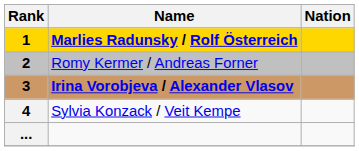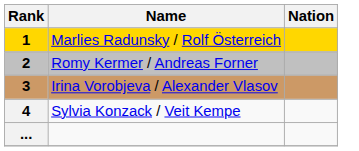 <table class="wikitable">
 <tr>
 <th>Rank</th>
 <th>Name</th>
 <th>Nation</th>
 </tr>
 <tr bgcolor="gold">
 <td align="center"><strong>1</strong></td>
-<td><strong><a href='#'>Marlies Radunsky</a> / <a href='#'>Rolf Österreich</a></strong></td>
+<td><a href='#'>Marlies Radunsky</a> / <a href='#'>Rolf Österreich</a></td>
 <td></td>
 </tr>
 <tr bgcolor="silver">
 <td align="center"><strong>2</strong></td>
 <td><a href='#'>Romy Kermer</a> / <a href='#'>Andreas Forner</a></td>
 <td></td>
 </tr>
 <tr bgcolor="cc9966">
 <td align="center"><strong>3</strong></td>
-<td><strong><a href='#'>Irina Vorobjeva</a> / <a href='#'>Alexander Vlasov</a></strong></td>
+<td><a href='#'>Irina Vorobjeva</a> / <a href='#'>Alexander Vlasov</a></td>
 <td></td>
 </tr>
 <tr>
 <th>4</th>
 <td><a href='#'>Sylvia Konzack</a> /  <a href='#'>Veit Kempe</a></td>
 <td></td>
 </tr>
 <tr>
 <th>...</th>
 <td></td>
 <td></td>
 </tr>
 <tr>
 </tr>
 </table>
